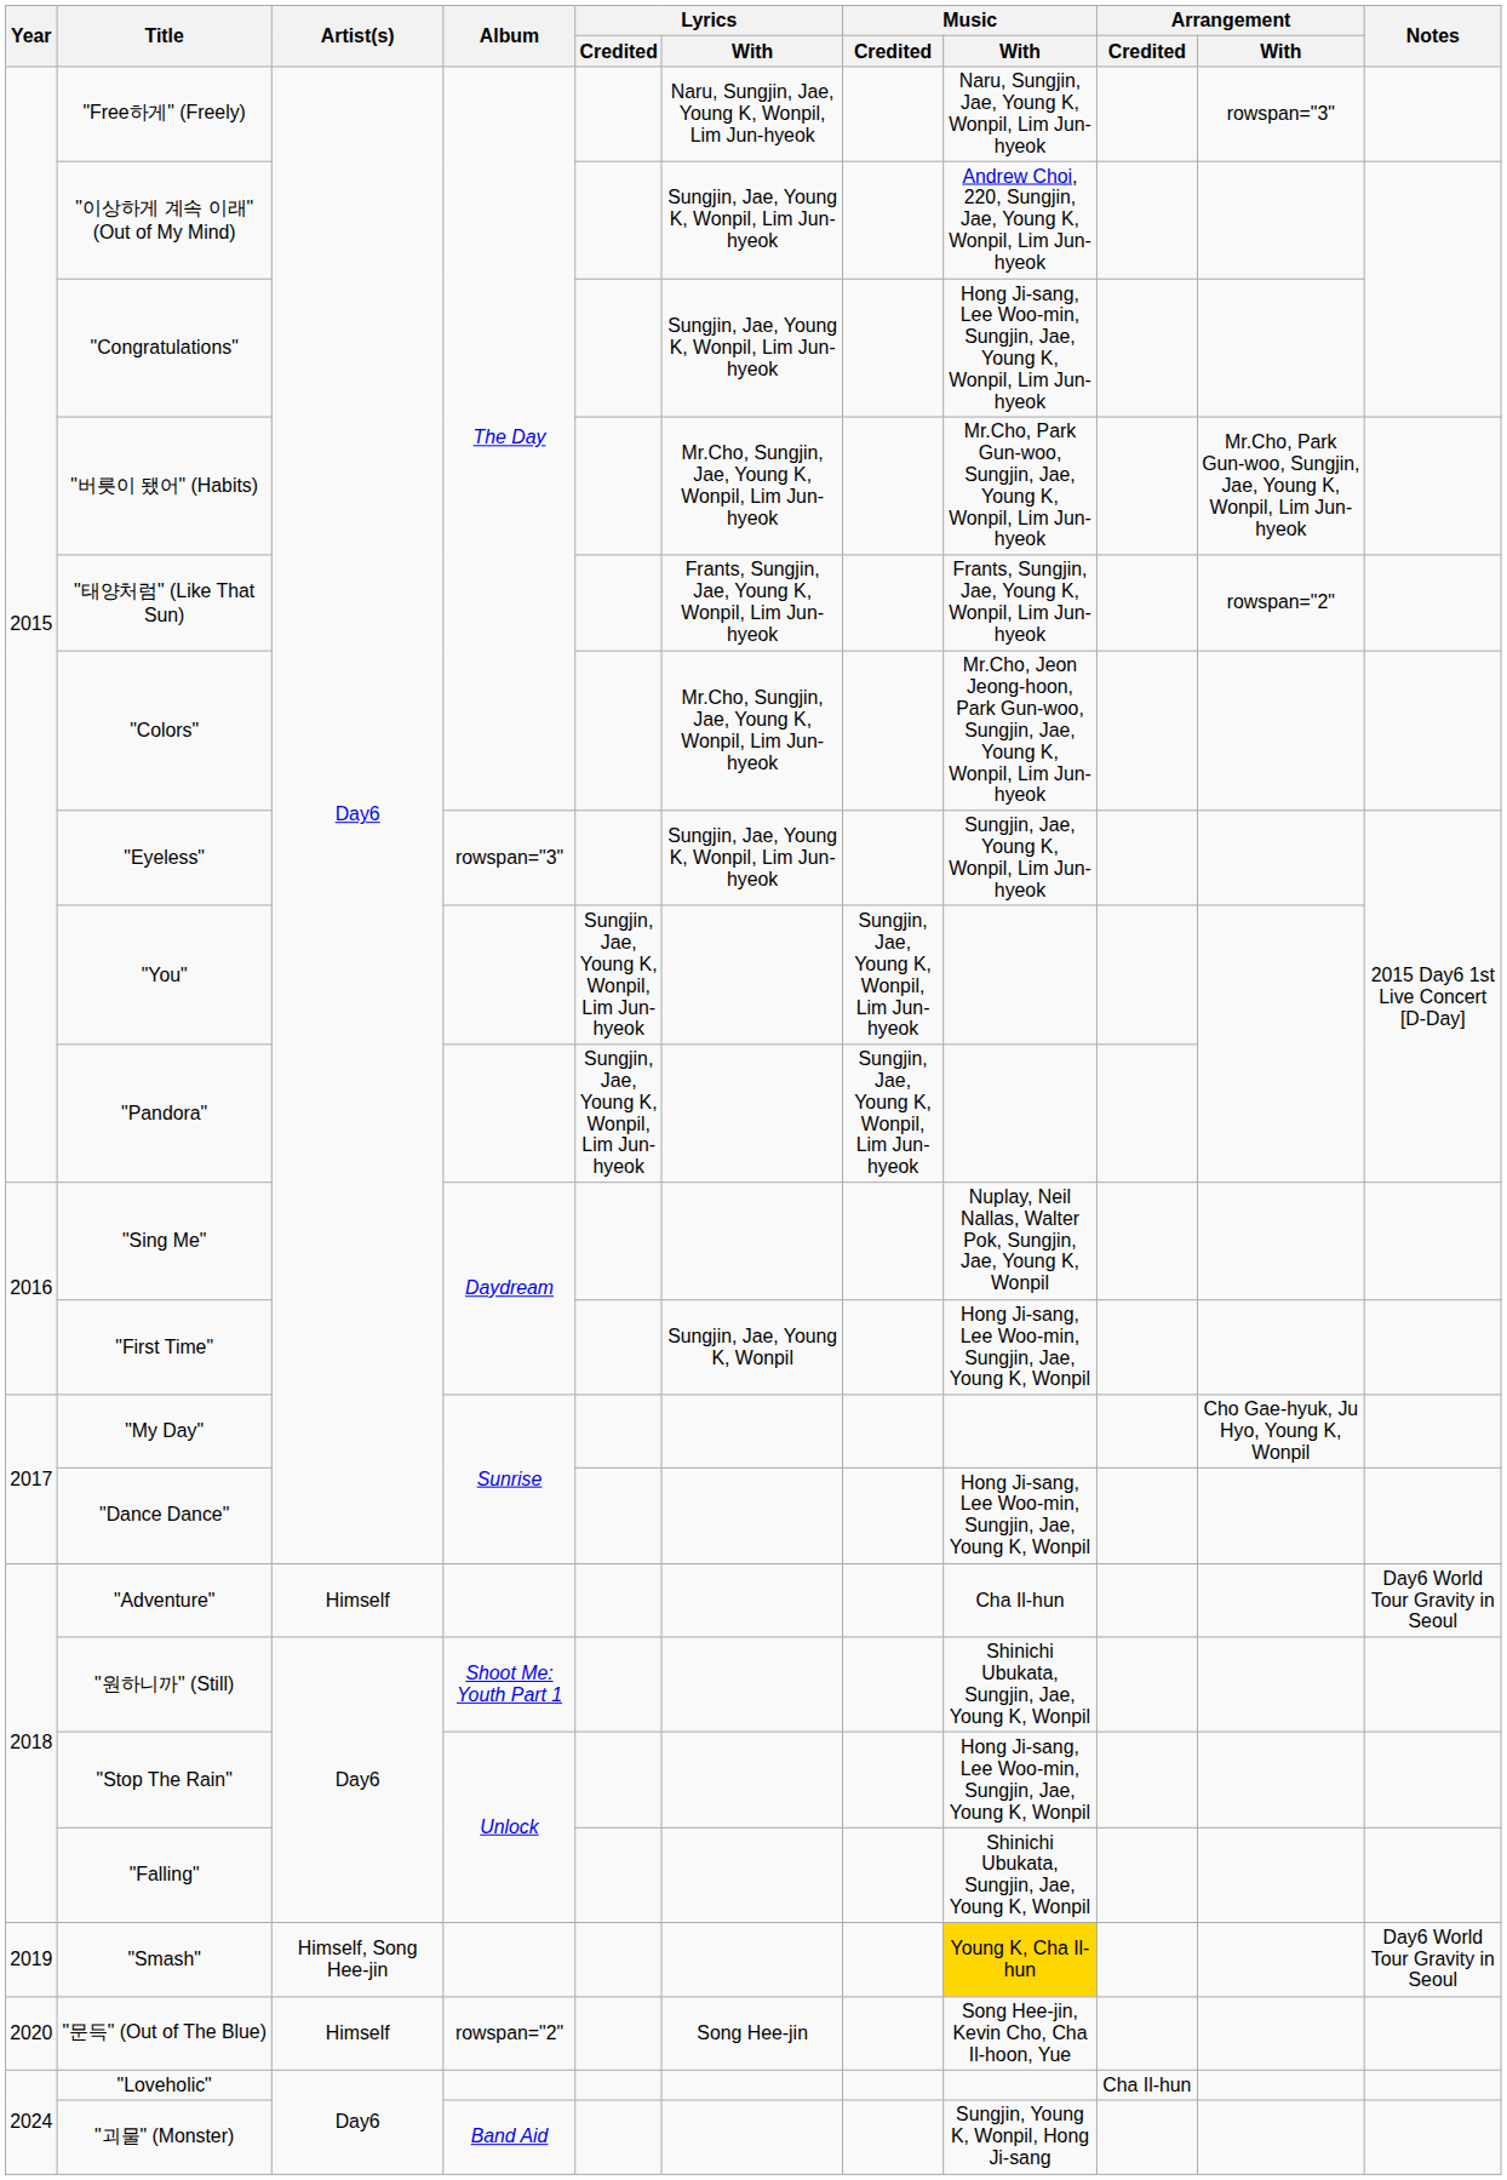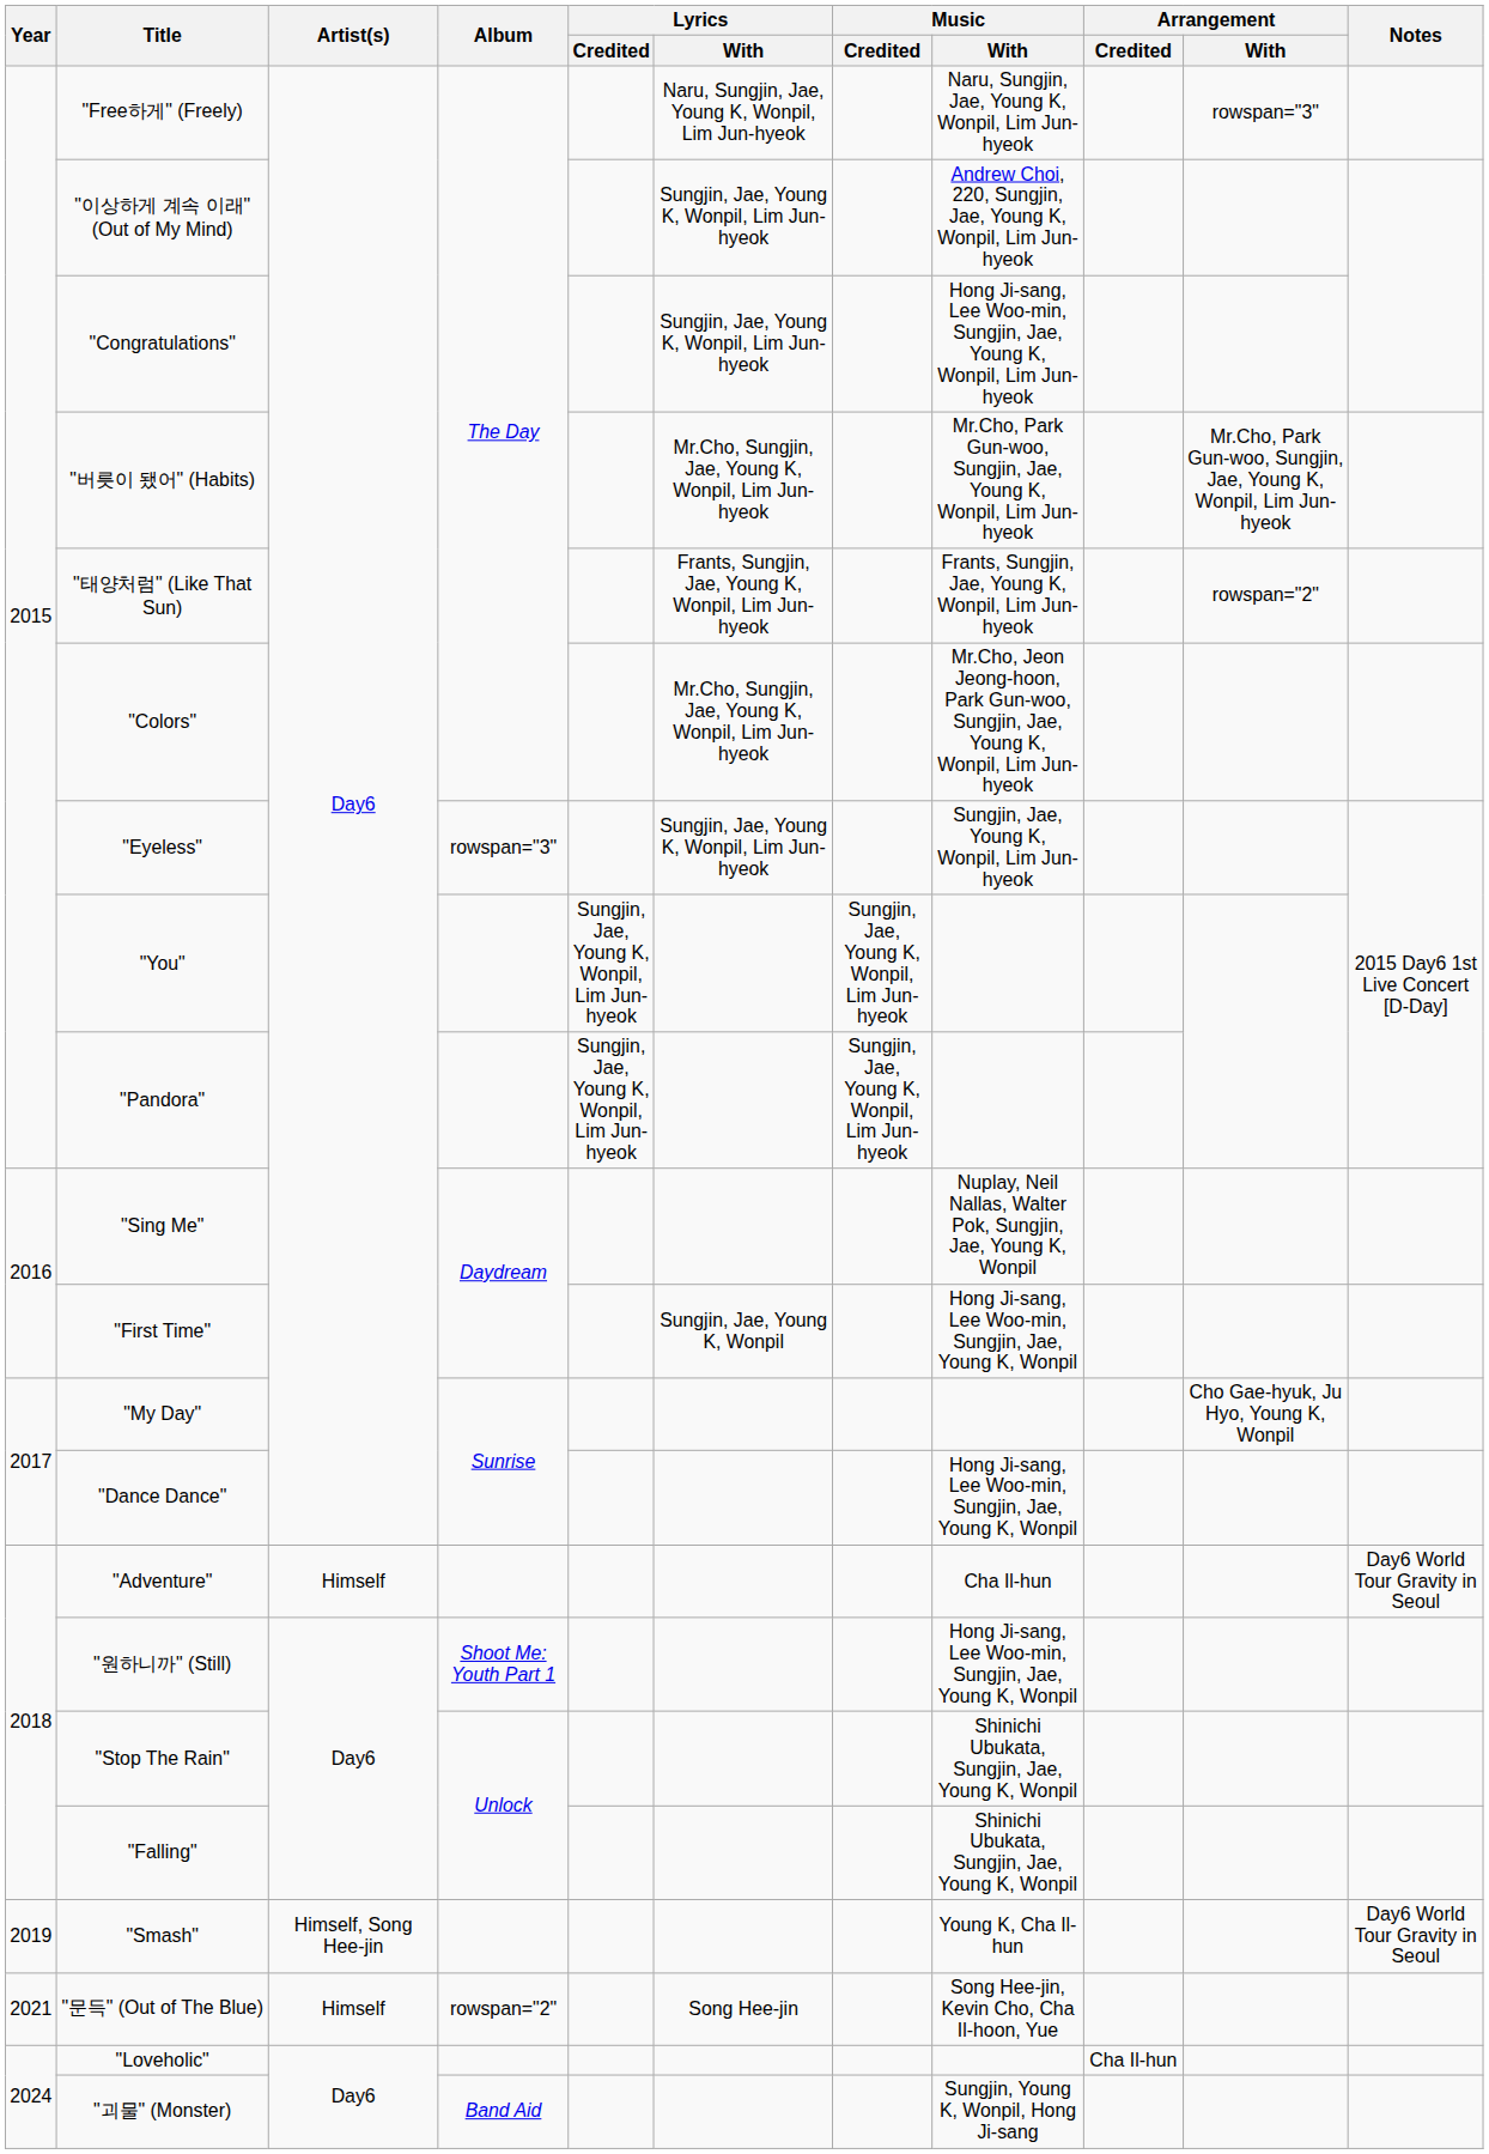 <table class="wikitable" style="text-align:center;">
 <tr>
 <th rowspan="2" style="width:2em;">Year</th>
 <th rowspan="2" style="width:13em;">Title</th>
 <th rowspan="2" style="width:12em;">Artist(s)</th>
 <th rowspan="2" style="width:7em;">Album</th>
 <th colspan="2" style="width:16em;">Lyrics</th>
 <th colspan="2" style="width:16em;">Music</th>
 <th colspan="2" style="width:16em;">Arrangement</th>
 <th rowspan="2" style="width:9em;">Notes</th>
 </tr>
 <tr>
 <th style="width:4em;">Credited</th>
 <th style="width:13em;">With</th>
 <th style="width:4em;">Credited</th>
 <th style="width:8em;">With</th>
 <th style="width:4em;">Credited</th>
 <th style="width:8em;">With</th>
 </tr>
 <tr>
 <td rowspan="9">2015</td>
 <td>"Free하게" (Freely)</td>
 <td rowspan="13"><a href='#'>Day6</a></td>
 <td rowspan="6"><em><a href='#'>The Day</a></em></td>
 <td></td>
 <td>Naru, Sungjin, Jae, Young K, Wonpil, Lim Jun-hyeok</td>
 <td></td>
 <td>Naru, Sungjin, Jae, Young K, Wonpil, Lim Jun-hyeok</td>
 <td></td>
 <td>rowspan="3" </td>
 <td></td>
 </tr>
 <tr>
 <td>"이상하게 계속 이래" (Out of My Mind)</td>
 <td></td>
 <td>Sungjin, Jae, Young K, Wonpil, Lim Jun-hyeok</td>
 <td></td>
 <td><a href='#'>Andrew Choi</a>, 220, Sungjin, Jae, Young K, Wonpil, Lim Jun-hyeok</td>
 <td></td>
 <td></td>
 </tr>
 <tr>
 <td>"Congratulations"</td>
 <td></td>
 <td>Sungjin, Jae, Young K, Wonpil, Lim Jun-hyeok</td>
 <td></td>
 <td>Hong Ji-sang, Lee Woo-min, Sungjin, Jae, Young K, Wonpil, Lim Jun-hyeok</td>
 <td></td>
 <td></td>
 </tr>
 <tr>
 <td>"버릇이 됐어" (Habits)</td>
 <td></td>
 <td>Mr.Cho, Sungjin, Jae, Young K, Wonpil, Lim Jun-hyeok</td>
 <td></td>
 <td>Mr.Cho, Park Gun-woo, Sungjin, Jae, Young K, Wonpil, Lim Jun-hyeok</td>
 <td></td>
 <td>Mr.Cho, Park Gun-woo, Sungjin, Jae, Young K, Wonpil, Lim Jun-hyeok</td>
 <td></td>
 </tr>
 <tr>
 <td>"태양처럼" (Like That Sun)</td>
 <td></td>
 <td>Frants, Sungjin, Jae, Young K, Wonpil, Lim Jun-hyeok</td>
 <td></td>
 <td>Frants, Sungjin, Jae, Young K, Wonpil, Lim Jun-hyeok</td>
 <td></td>
 <td>rowspan="2" </td>
 <td></td>
 </tr>
 <tr>
 <td>"Colors"</td>
 <td></td>
 <td>Mr.Cho, Sungjin, Jae, Young K, Wonpil, Lim Jun-hyeok</td>
 <td></td>
 <td>Mr.Cho, Jeon Jeong-hoon, Park Gun-woo, Sungjin, Jae, Young K, Wonpil, Lim Jun-hyeok</td>
 <td></td>
 <td></td>
 </tr>
 <tr>
 <td>"Eyeless"</td>
 <td>rowspan="3" </td>
 <td></td>
 <td>Sungjin, Jae, Young K, Wonpil, Lim Jun-hyeok</td>
 <td></td>
 <td>Sungjin, Jae, Young K, Wonpil, Lim Jun-hyeok</td>
 <td></td>
 <td></td>
 <td rowspan="3">2015 Day6 1st Live Concert [D-Day]</td>
 </tr>
 <tr>
 <td>"You"</td>
 <td></td>
 <td>Sungjin, Jae, Young K, Wonpil, Lim Jun-hyeok</td>
 <td></td>
 <td>Sungjin, Jae, Young K, Wonpil, Lim Jun-hyeok</td>
 <td></td>
 <td></td>
 </tr>
 <tr>
 <td>"Pandora"</td>
 <td></td>
 <td>Sungjin, Jae, Young K, Wonpil, Lim Jun-hyeok</td>
 <td></td>
 <td>Sungjin, Jae, Young K, Wonpil, Lim Jun-hyeok</td>
 <td></td>
 <td></td>
 </tr>
 <tr>
 <td rowspan="2">2016</td>
 <td>"Sing Me"</td>
 <td rowspan="2"><em><a href='#'>Daydream</a></em></td>
 <td></td>
 <td></td>
 <td></td>
 <td>Nuplay, Neil Nallas, Walter Pok, Sungjin, Jae, Young K, Wonpil</td>
 <td></td>
 <td></td>
 </tr>
 <tr>
 <td>"First Time"</td>
 <td></td>
 <td>Sungjin, Jae, Young K, Wonpil</td>
 <td></td>
 <td>Hong Ji-sang, Lee Woo-min, Sungjin, Jae, Young K, Wonpil</td>
 <td></td>
 <td></td>
 <td></td>
 </tr>
 <tr>
 <td rowspan="2">2017</td>
 <td>"My Day"</td>
 <td rowspan="2"><em><a href='#'>Sunrise</a></em></td>
 <td></td>
 <td></td>
 <td></td>
 <td></td>
 <td></td>
 <td>Cho Gae-hyuk, Ju Hyo, Young K, Wonpil</td>
 <td></td>
 </tr>
 <tr>
 <td>"Dance Dance"</td>
 <td></td>
 <td></td>
 <td></td>
 <td>Hong Ji-sang, Lee Woo-min, Sungjin, Jae, Young K, Wonpil</td>
 <td></td>
 <td></td>
 <td></td>
 </tr>
 <tr>
 <td rowspan="4">2018</td>
 <td>"Adventure"</td>
 <td>Himself</td>
 <td></td>
 <td></td>
 <td></td>
 <td></td>
 <td>Cha Il-hun</td>
 <td></td>
 <td></td>
 <td>Day6 World Tour Gravity in Seoul</td>
 </tr>
 <tr>
 <td>"원하니까" (Still)</td>
 <td rowspan="3">Day6</td>
 <td><em><a href='#'>Shoot Me: Youth Part 1</a></em></td>
 <td></td>
 <td></td>
 <td></td>
-<td>Shinichi Ubukata, Sungjin, Jae, Young K, Wonpil</td>
+<td>Hong Ji-sang, Lee Woo-min, Sungjin, Jae, Young K, Wonpil</td>
 <td></td>
 <td></td>
 <td></td>
 </tr>
 <tr>
 <td>"Stop The Rain"</td>
 <td rowspan="2"><em><a href='#'>Unlock</a></em></td>
 <td></td>
 <td></td>
 <td></td>
-<td>Hong Ji-sang, Lee Woo-min, Sungjin, Jae, Young K, Wonpil</td>
+<td>Shinichi Ubukata, Sungjin, Jae, Young K, Wonpil</td>
 <td></td>
 <td></td>
 <td></td>
 </tr>
 <tr>
 <td>"Falling"</td>
 <td></td>
 <td></td>
 <td></td>
 <td>Shinichi Ubukata, Sungjin, Jae, Young K, Wonpil</td>
 <td></td>
 <td></td>
 <td></td>
 </tr>
 <tr>
 <td>2019</td>
 <td>"Smash"</td>
 <td>Himself, Song Hee-jin</td>
 <td></td>
 <td></td>
 <td></td>
 <td></td>
-<td style="background: gold;">Young K, Cha Il-hun</td>
+<td>Young K, Cha Il-hun</td>
 <td></td>
 <td></td>
 <td>Day6 World Tour Gravity in Seoul</td>
 </tr>
 <tr>
-<td>2020</td>
+<td>2021</td>
 <td>"문득" (Out of The Blue)</td>
 <td>Himself</td>
 <td>rowspan="2" </td>
 <td></td>
 <td>Song Hee-jin</td>
 <td></td>
 <td>Song Hee-jin, Kevin Cho, Cha Il-hoon, Yue</td>
 <td></td>
 <td></td>
 <td></td>
 </tr>
 <tr>
 <td rowspan="2">2024</td>
 <td>"Loveholic"</td>
 <td rowspan="2">Day6</td>
 <td></td>
 <td></td>
 <td></td>
 <td></td>
 <td></td>
 <td>Cha Il-hun</td>
 <td></td>
 </tr>
 <tr>
 <td>"괴물" (Monster)</td>
 <td><em><a href='#'>Band Aid</a></em></td>
 <td></td>
 <td></td>
 <td></td>
 <td>Sungjin, Young K, Wonpil, Hong Ji-sang</td>
 <td></td>
 <td></td>
 <td></td>
 </tr>
 </table>
